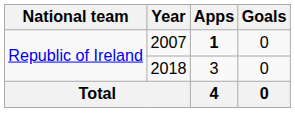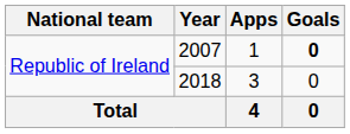 <table class=wikitable style="text-align:center">
 <tr>
 <th>National team</th>
 <th>Year</th>
 <th>Apps</th>
 <th>Goals</th>
 </tr>
 <tr>
 <td rowspan=2><a href='#'>Republic of Ireland</a></td>
 <td>2007</td>
-<td><strong>1</strong></td>
-<td>0</td>
+<td>1</td>
+<td><strong>0</strong></td>
 </tr>
 <tr>
 <td>2018</td>
 <td>3</td>
 <td>0</td>
 </tr>
 <tr>
 <th colspan=2>Total</th>
 <th>4</th>
 <th>0</th>
 </tr>
 </table>
